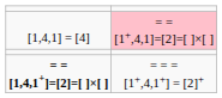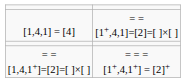 <table class=wikitable align=right>
 <tr>
 <td></td>
 <td></td>
 </tr>
 <tr align=center>
 <td><br>[<span>1</span>,4,<span>1</span>] = [4]</td>
-<td style="background: pink;"> =  = <br>[1<sup>+</sup>,4,<span>1</span>]=[2]=[ ]×[ ]</td>
+<td> =  = <br>[1<sup>+</sup>,4,<span>1</span>]=[2]=[ ]×[ ]</td>
 </tr>
 <tr>
 <td></td>
 <td></td>
 </tr>
 <tr align=center>
-<td><strong> =  = <br>[<span>1</span>,4,1<sup>+</sup>]=[2]=[ ]×[ ]</strong></td>
+<td> =  = <br>[<span>1</span>,4,1<sup>+</sup>]=[2]=[ ]×[ ]</td>
 <td colspan=2> =  =  = <br>[1<sup>+</sup>,4,1<sup>+</sup>] = [2]<sup>+</sup></td>
 </tr>
 </table>
